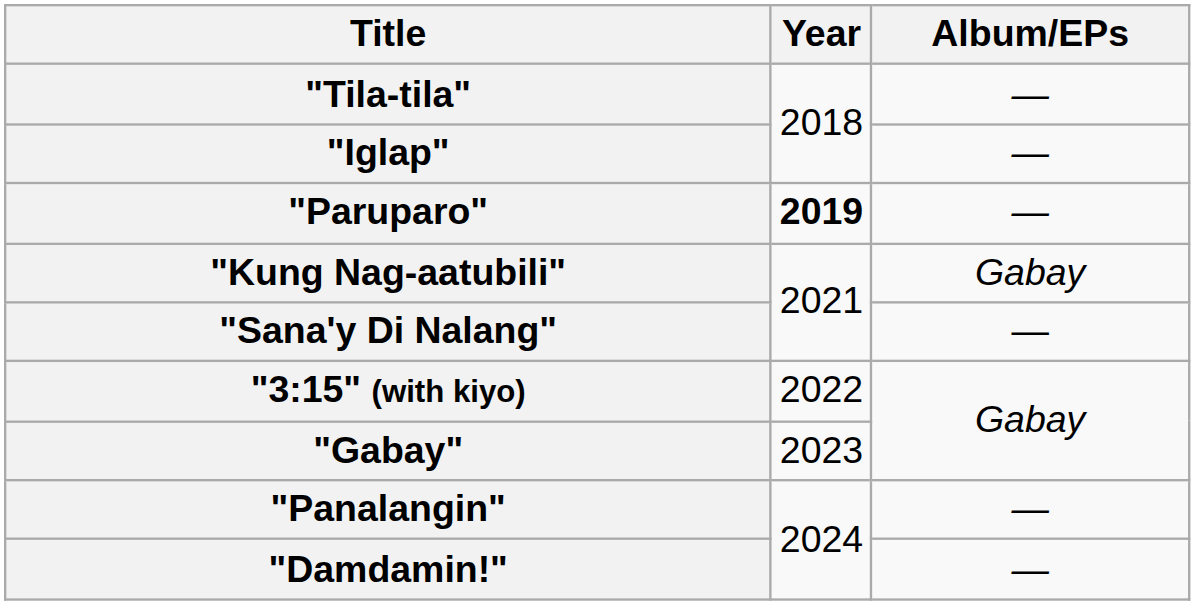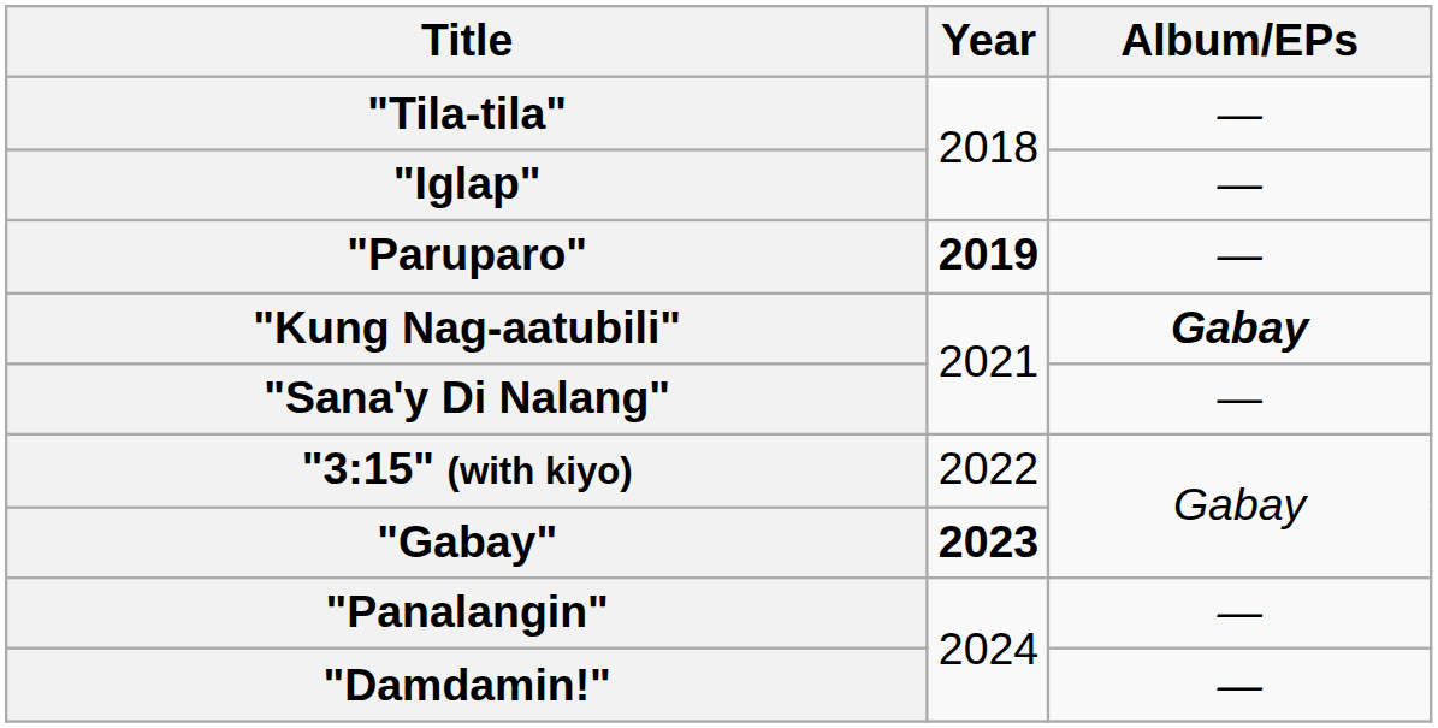 <table class="wikitable plainrowheaders" style="text-align:center;">
 <tr>
 <th scope="col" style="width:20em;">Title</th>
 <th scope="col" style="width:1em;">Year</th>
 <th scope="col" style="width:8em;">Album/EPs</th>
 </tr>
 <tr>
 <th scope="row">"Tila-tila"</th>
 <td rowspan="2">2018</td>
 <td><em>—</em></td>
 </tr>
 <tr>
 <th scope="row">"Iglap"</th>
 <td><em>—</em></td>
 </tr>
 <tr>
 <th scope="row">"Paruparo"</th>
 <td><strong>2019</strong></td>
 <td><em>—</em></td>
 </tr>
 <tr>
 <th scope="row">"Kung Nag-aatubili"</th>
 <td rowspan="2">2021</td>
-<td><em>Gabay</em></td>
+<td><strong><em>Gabay</em></strong></td>
 </tr>
 <tr>
 <th scope="row">"Sana'y Di Nalang"</th>
 <td>—</td>
 </tr>
 <tr>
 <th scope="row">"3:15" <small>(with kiyo)</small></th>
 <td>2022</td>
 <td rowspan="2"><em>Gabay</em></td>
 </tr>
 <tr>
 <th scope="row">"Gabay"</th>
-<td>2023</td>
+<td><strong>2023</strong></td>
 </tr>
 <tr>
 <th scope="row">"Panalangin"</th>
 <td rowspan="2">2024</td>
 <td><em>—</em></td>
 </tr>
 <tr>
 <th scope="row">"Damdamin!"</th>
 <td><em>—</em></td>
 </tr>
 </table>
